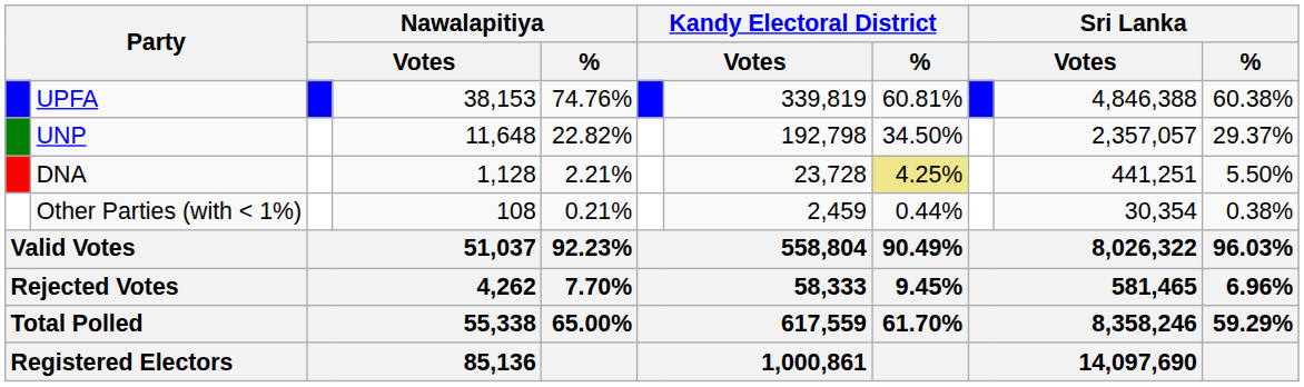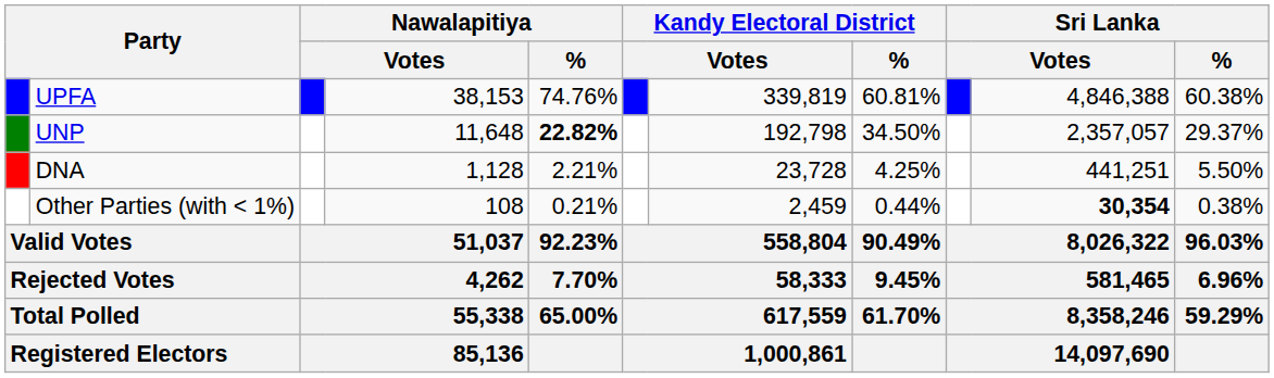 <table class="wikitable">
 <tr>
 <th colspan="2" width="144px"rowspan="2">Party</th>
 <th colspan="3" width="216px">Nawalapitiya</th>
 <th colspan="3" width="216px"><a href='#'>Kandy Electoral District</a></th>
 <th colspan="3" width="216px">Sri Lanka</th>
 </tr>
 <tr>
 <th colspan="2" width="144px">Votes</th>
 <th>%</th>
 <th colspan="2" width="144px">Votes</th>
 <th>%</th>
 <th colspan="2" width="144px">Votes</th>
 <th>%</th>
 </tr>
 <tr>
 <td style="background-color:blue;" width="10px"></td>
 <td style="text-align:left;"><a href='#'>UPFA</a></td>
 <td style="background-color:blue;" width="10px"></td>
 <td style="text-align:right;">38,153</td>
 <td style="text-align:right;">74.76%</td>
 <td style="background-color:blue;" width="10px"></td>
 <td style="text-align:right;">339,819</td>
 <td style="text-align:right;">60.81%</td>
 <td style="background-color:blue;" width="10px"></td>
 <td style="text-align:right;">4,846,388</td>
 <td style="text-align:right;">60.38%</td>
 </tr>
 <tr>
 <td style="background-color:green;" width="10px"></td>
 <td style="text-align:left;"><a href='#'>UNP</a></td>
 <td style="background-color:white;" width="10px"></td>
 <td style="text-align:right;">11,648</td>
-<td style="text-align:right;">22.82%</td>
+<td style="text-align:right;"><strong>22.82%</strong></td>
 <td style="background-color:white;" width="10px"></td>
 <td style="text-align:right;">192,798</td>
 <td style="text-align:right;">34.50%</td>
 <td style="background-color:white;" width="10px"></td>
 <td style="text-align:right;">2,357,057</td>
 <td style="text-align:right;">29.37%</td>
 </tr>
 <tr>
 <td style="background-color:red;" width="10px"></td>
 <td style="text-align:left;">DNA</td>
 <td style="background-color:white;" width="10px"></td>
 <td style="text-align:right;">1,128</td>
 <td style="text-align:right;">2.21%</td>
 <td style="background-color:white;" width="10px"></td>
 <td style="text-align:right;">23,728</td>
-<td style="background: khaki; text-align:right;">4.25%</td>
+<td style="text-align:right;">4.25%</td>
 <td style="background-color:white;" width="10px"></td>
 <td style="text-align:right;">441,251</td>
 <td style="text-align:right;">5.50%</td>
 </tr>
 <tr>
 <td style="background-color:white;" width="10px"></td>
 <td style="text-align:left;">Other Parties (with < 1%)</td>
 <td style="background-color:white;" width="10px"></td>
 <td style="text-align:right;">108</td>
 <td style="text-align:right;">0.21%</td>
 <td style="background-color:white;" width="10px"></td>
 <td style="text-align:right;">2,459</td>
 <td style="text-align:right;">0.44%</td>
 <td style="background-color:white;" width="10px"></td>
-<td style="text-align:right;">30,354</td>
+<td style="text-align:right;"><strong>30,354</strong></td>
 <td style="text-align:right;">0.38%</td>
 </tr>
 <tr>
 <th colspan="2" width="144px"style="text-align:left;">Valid Votes</th>
 <th style="text-align:right;"colspan="2" width="144px">51,037</th>
 <th style="text-align:right;">92.23%</th>
 <th style="text-align:right;"colspan="2" width="144px">558,804</th>
 <th style="text-align:right;">90.49%</th>
 <th style="text-align:right;"colspan="2" width="144px">8,026,322</th>
 <th style="text-align:right;">96.03%</th>
 </tr>
 <tr>
 <th colspan="2" width="144px"style="text-align:left;">Rejected Votes</th>
 <th style="text-align:right;"colspan="2" width="144px">4,262</th>
 <th style="text-align:right;">7.70%</th>
 <th style="text-align:right;"colspan="2" width="144px">58,333</th>
 <th style="text-align:right;">9.45%</th>
 <th style="text-align:right;"colspan="2" width="144px">581,465</th>
 <th style="text-align:right;">6.96%</th>
 </tr>
 <tr>
 <th colspan="2" width="144px"style="text-align:left;">Total Polled</th>
 <th style="text-align:right;"colspan="2" width="144px">55,338</th>
 <th style="text-align:right;">65.00%</th>
 <th style="text-align:right;"colspan="2" width="144px">617,559</th>
 <th style="text-align:right;">61.70%</th>
 <th style="text-align:right;"colspan="2" width="144px">8,358,246</th>
 <th style="text-align:right;">59.29%</th>
 </tr>
 <tr>
 <th colspan="2" width="144px"style="text-align:left;">Registered Electors</th>
 <th style="text-align:right;"colspan="2" width="144px">85,136</th>
 <th></th>
 <th style="text-align:right;"colspan="2" width="144px">1,000,861</th>
 <th></th>
 <th style="text-align:right;"colspan="2" width="144px">14,097,690</th>
 <th></th>
 </tr>
 </table>
